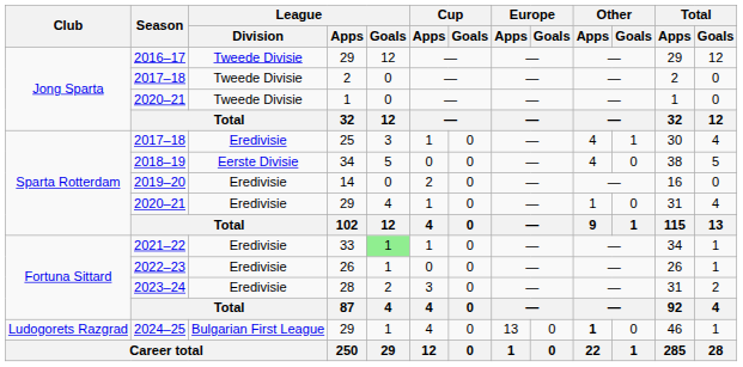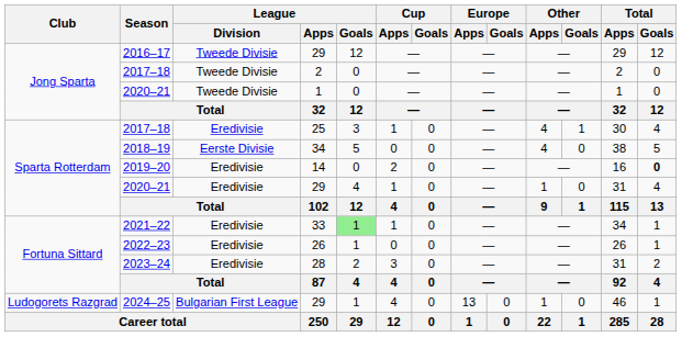 <table class="wikitable" style="text-align:center">
 <tr>
 <th rowspan="2">Club</th>
 <th rowspan="2">Season</th>
 <th colspan="3">League</th>
 <th colspan="2">Cup</th>
 <th colspan="2">Europe</th>
 <th colspan="2">Other</th>
 <th colspan="2">Total</th>
 </tr>
 <tr>
 <th>Division</th>
 <th>Apps</th>
 <th>Goals</th>
 <th>Apps</th>
 <th>Goals</th>
 <th>Apps</th>
 <th>Goals</th>
 <th>Apps</th>
 <th>Goals</th>
 <th>Apps</th>
 <th>Goals</th>
 </tr>
 <tr>
 <td rowspan="4"><a href='#'>Jong Sparta</a></td>
 <td><a href='#'>2016–17</a></td>
 <td><a href='#'>Tweede Divisie</a></td>
 <td>29</td>
 <td>12</td>
 <td colspan="2">—</td>
 <td colspan="2">—</td>
 <td colspan="2">—</td>
 <td>29</td>
 <td>12</td>
 </tr>
 <tr>
 <td><a href='#'>2017–18</a></td>
 <td>Tweede Divisie</td>
 <td>2</td>
 <td>0</td>
 <td colspan="2">—</td>
 <td colspan="2">—</td>
 <td colspan="2">—</td>
 <td>2</td>
 <td>0</td>
 </tr>
 <tr>
 <td><a href='#'>2020–21</a></td>
 <td>Tweede Divisie</td>
 <td>1</td>
 <td>0</td>
 <td colspan="2">—</td>
 <td colspan="2">—</td>
 <td colspan="2">—</td>
 <td>1</td>
 <td>0</td>
 </tr>
 <tr>
 <th colspan="2">Total</th>
 <th>32</th>
 <th>12</th>
 <th colspan="2">—</th>
 <th colspan="2">—</th>
 <th colspan="2">—</th>
 <th>32</th>
 <th>12</th>
 </tr>
 <tr>
 <td rowspan="5"><a href='#'>Sparta Rotterdam</a></td>
 <td><a href='#'>2017–18</a></td>
 <td><a href='#'>Eredivisie</a></td>
 <td>25</td>
 <td>3</td>
 <td>1</td>
 <td>0</td>
 <td colspan="2">—</td>
 <td>4</td>
 <td>1</td>
 <td>30</td>
 <td>4</td>
 </tr>
 <tr>
 <td><a href='#'>2018–19</a></td>
 <td><a href='#'>Eerste Divisie</a></td>
 <td>34</td>
 <td>5</td>
 <td>0</td>
 <td>0</td>
 <td colspan="2">—</td>
 <td>4</td>
 <td>0</td>
 <td>38</td>
 <td>5</td>
 </tr>
 <tr>
 <td><a href='#'>2019–20</a></td>
 <td>Eredivisie</td>
 <td>14</td>
 <td>0</td>
 <td>2</td>
 <td>0</td>
 <td colspan="2">—</td>
 <td colspan="2">—</td>
 <td>16</td>
-<td>0</td>
+<td><strong>0</strong></td>
 </tr>
 <tr>
 <td><a href='#'>2020–21</a></td>
 <td>Eredivisie</td>
 <td>29</td>
 <td>4</td>
 <td>1</td>
 <td>0</td>
 <td colspan="2">—</td>
 <td>1</td>
 <td>0</td>
 <td>31</td>
 <td>4</td>
 </tr>
 <tr>
 <th colspan="2">Total</th>
 <th>102</th>
 <th>12</th>
 <th>4</th>
 <th>0</th>
 <th colspan="2">—</th>
 <th>9</th>
 <th>1</th>
 <th>115</th>
 <th>13</th>
 </tr>
 <tr>
 <td rowspan="4"><a href='#'>Fortuna Sittard</a></td>
 <td><a href='#'>2021–22</a></td>
 <td>Eredivisie</td>
 <td>33</td>
 <td style="background: lightgreen;">1</td>
 <td>1</td>
 <td>0</td>
 <td colspan="2">—</td>
 <td colspan="2">—</td>
 <td>34</td>
 <td>1</td>
 </tr>
 <tr>
 <td><a href='#'>2022–23</a></td>
 <td>Eredivisie</td>
 <td>26</td>
 <td>1</td>
 <td>0</td>
 <td>0</td>
 <td colspan="2">—</td>
 <td colspan="2">—</td>
 <td>26</td>
 <td>1</td>
 </tr>
 <tr>
 <td><a href='#'>2023–24</a></td>
 <td>Eredivisie</td>
 <td>28</td>
 <td>2</td>
 <td>3</td>
 <td>0</td>
 <td colspan="2">—</td>
 <td colspan="2">—</td>
 <td>31</td>
 <td>2</td>
 </tr>
 <tr>
 <th colspan="2">Total</th>
 <th>87</th>
 <th>4</th>
 <th>4</th>
 <th>0</th>
 <th colspan="2">—</th>
 <th colspan="2">—</th>
 <th>92</th>
 <th>4</th>
 </tr>
 <tr>
 <td><a href='#'>Ludogorets Razgrad</a></td>
 <td><a href='#'>2024–25</a></td>
 <td><a href='#'>Bulgarian First League</a></td>
 <td>29</td>
 <td>1</td>
 <td>4</td>
 <td>0</td>
 <td>13</td>
 <td>0</td>
-<td><strong>1</strong></td>
+<td>1</td>
 <td>0</td>
 <td>46</td>
 <td>1</td>
 </tr>
 <tr>
 <th colspan="3">Career total</th>
 <th>250</th>
 <th>29</th>
 <th>12</th>
 <th>0</th>
 <th>1</th>
 <th>0</th>
 <th>22</th>
 <th>1</th>
 <th>285</th>
 <th>28</th>
 </tr>
 </table>
